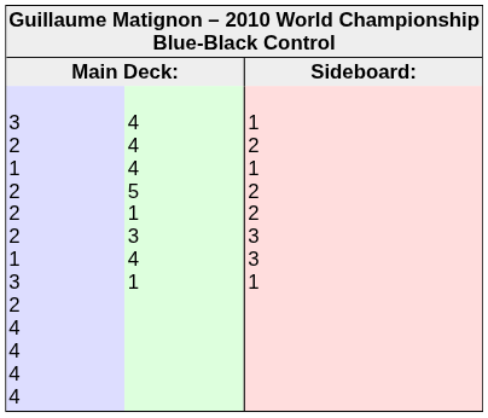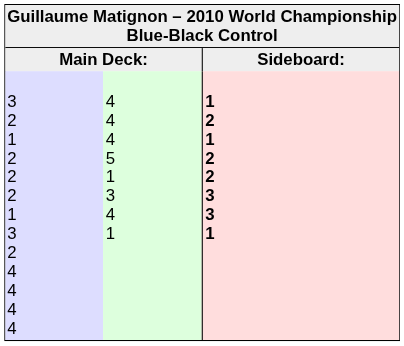 <table align="right" border="0" cellspacing="0" cellpadding="2" style="border: 1px solid black; margin-left: 1ex;">
 <tr>
 <th colspan="3" style="background-color: #eee; border-bottom: 1px solid black;">Guillaume Matignon – 2010 World Championship<br>Blue-Black Control</th>
 </tr>
 <tr style="background-color: #eee;">
 <th colspan="2">Main Deck:</th>
 <th style="border-left: 1px solid black;">Sideboard:</th>
 </tr>
 <tr valign="top">
 <td style="background-color: #ddf;"><br>3 <br> 2 <br>1 <br> 2 <br> 2 <br> 2 <br> 1 <br> 3 <br> 2 <br> 4 <br> 4 <br> 4 <br> 4 <br></td>
 <td style="background-color: #dfd;"><br>4 <br> 4 <br> 4 <br> 5 <br> 1 <br> 3 <br> 4 <br> 1 <br></td>
-<td style="background-color: #fdd; border-left: 1px solid black;"><br>1 <br> 2 <br> 1 <br> 2 <br> 2 <br> 3 <br> 3 <br> 1 <br></td>
+<td style="background-color: #fdd; border-left: 1px solid black;"><strong><br>1 <br> 2 <br> 1 <br> 2 <br> 2 <br> 3 <br> 3 <br> 1 <br></strong></td>
 </tr>
 </table>
